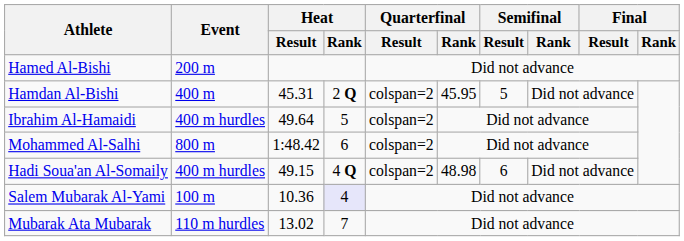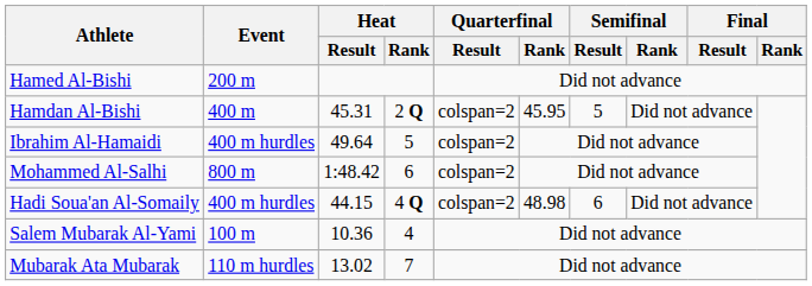 <table class=wikitable style="font-size:90%">
 <tr>
 <th rowspan="2">Athlete</th>
 <th rowspan="2">Event</th>
 <th colspan="2">Heat</th>
 <th colspan="2">Quarterfinal</th>
 <th colspan="2">Semifinal</th>
 <th colspan="2">Final</th>
 </tr>
 <tr style="font-size:95%">
 <th>Result</th>
 <th>Rank</th>
 <th>Result</th>
 <th>Rank</th>
 <th>Result</th>
 <th>Rank</th>
 <th>Result</th>
 <th>Rank</th>
 </tr>
 <tr align=center>
 <td align=left><a href='#'>Hamed Al-Bishi</a></td>
 <td align=left><a href='#'>200 m</a></td>
 <td colspan=2></td>
 <td colspan=6>Did not advance</td>
 </tr>
 <tr align=center>
 <td align=left><a href='#'>Hamdan Al-Bishi</a></td>
 <td align=left><a href='#'>400 m</a></td>
 <td>45.31</td>
 <td>2 <strong>Q</strong></td>
 <td>colspan=2 </td>
 <td>45.95</td>
 <td>5</td>
 <td colspan=2>Did not advance</td>
 </tr>
 <tr align=center>
 <td align=left><a href='#'>Ibrahim Al-Hamaidi</a></td>
 <td align=left><a href='#'>400 m hurdles</a></td>
 <td>49.64</td>
 <td>5</td>
 <td>colspan=2 </td>
 <td colspan=4>Did not advance</td>
 </tr>
 <tr align=center>
 <td align=left><a href='#'>Mohammed Al-Salhi</a></td>
 <td align=left><a href='#'>800 m</a></td>
 <td>1:48.42</td>
 <td>6</td>
 <td>colspan=2 </td>
 <td colspan=4>Did not advance</td>
 </tr>
 <tr align=center>
 <td align=left><a href='#'>Hadi Soua'an Al-Somaily</a></td>
 <td align=left><a href='#'>400 m hurdles</a></td>
-<td>49.15</td>
+<td>44.15</td>
 <td>4 <strong>Q</strong></td>
 <td>colspan=2 </td>
 <td>48.98</td>
 <td>6</td>
 <td colspan=2>Did not advance</td>
 </tr>
 <tr align=center>
 <td align=left><a href='#'>Salem Mubarak Al-Yami</a></td>
 <td align=left><a href='#'>100 m</a></td>
 <td>10.36</td>
-<td style="background: lavender;">4</td>
+<td>4</td>
 <td colspan=6>Did not advance</td>
 </tr>
 <tr align=center>
 <td align=left><a href='#'>Mubarak Ata Mubarak</a></td>
 <td align=left><a href='#'>110 m hurdles</a></td>
 <td>13.02</td>
 <td>7</td>
 <td colspan=6>Did not advance</td>
 </tr>
 </table>
